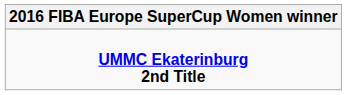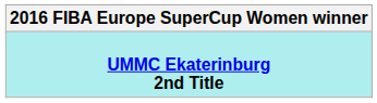 <table class=wikitable style="text-align:center; margin:auto">
 <tr>
 <th>2016 FIBA Europe SuperCup Women winner</th>
 </tr>
 <tr>
-<td><br> <strong><a href='#'>UMMC Ekaterinburg</a></strong> <br> <strong>2nd Title</strong></td>
+<td style="background: paleturquoise;"><br> <strong><a href='#'>UMMC Ekaterinburg</a></strong> <br> <strong>2nd Title</strong></td>
 </tr>
 </table>
